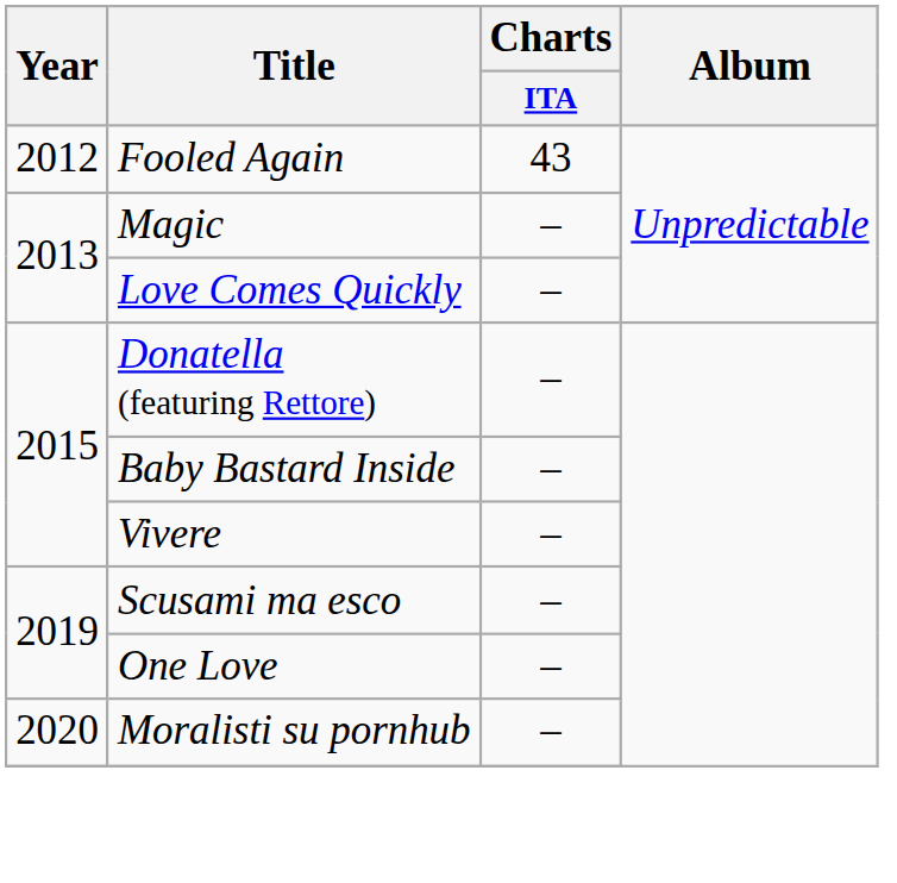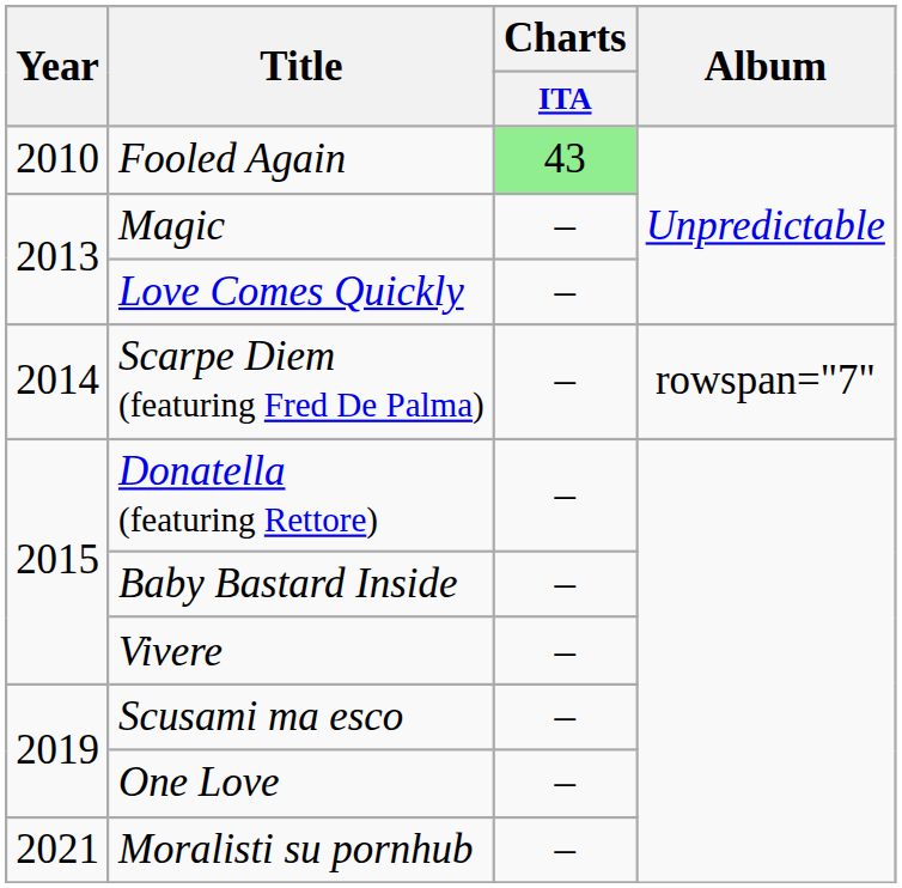 <table class="wikitable" style="text-align:center">
 <tr>
 <th rowspan="2">Year</th>
 <th rowspan="2">Title</th>
 <th>Charts</th>
 <th rowspan="2">Album</th>
 </tr>
 <tr>
 <th style="width:3em;font-size:75%"><a href='#'>ITA</a></th>
 </tr>
 <tr>
-<td>2012</td>
+<td>2010</td>
 <td align="left"><em>Fooled Again</em></td>
-<td>43</td>
+<td style="background: lightgreen;">43</td>
 <td rowspan="3"><em><a href='#'>Unpredictable</a></em></td>
 </tr>
 <tr>
 <td rowspan="2">2013</td>
 <td align="left"><em>Magic</em></td>
 <td>–</td>
 </tr>
 <tr>
 <td align="left"><em><a href='#'>Love Comes Quickly</a></em></td>
 <td>–</td>
+</tr>
+<tr>
+<td>2014</td>
+<td align="left"><em>Scarpe Diem</em><br><small>(featuring <a href='#'>Fred De Palma</a>)</small></td>
+<td>–</td>
+<td>rowspan="7" </td>
 </tr>
 <tr>
 <td rowspan="3">2015</td>
 <td align="left"><em><a href='#'>Donatella</a></em><br><small>(featuring <a href='#'>Rettore</a>)</small></td>
 <td>–</td>
 </tr>
 <tr>
 <td align="left"><em>Baby Bastard Inside</em></td>
 <td>–</td>
 </tr>
 <tr>
 <td align="left"><em>Vivere</em></td>
 <td>–</td>
 </tr>
 <tr>
 <td rowspan="2">2019</td>
 <td align="left"><em>Scusami ma esco</em></td>
 <td>–</td>
 </tr>
 <tr>
 <td align="left"><em>One Love</em></td>
 <td>–</td>
 </tr>
 <tr>
-<td rowspan="1">2020</td>
+<td rowspan="1">2021</td>
 <td align="left"><em>Moralisti su pornhub</em></td>
 <td>–</td>
 </tr>
 <tr>
 </tr>
 </table>
